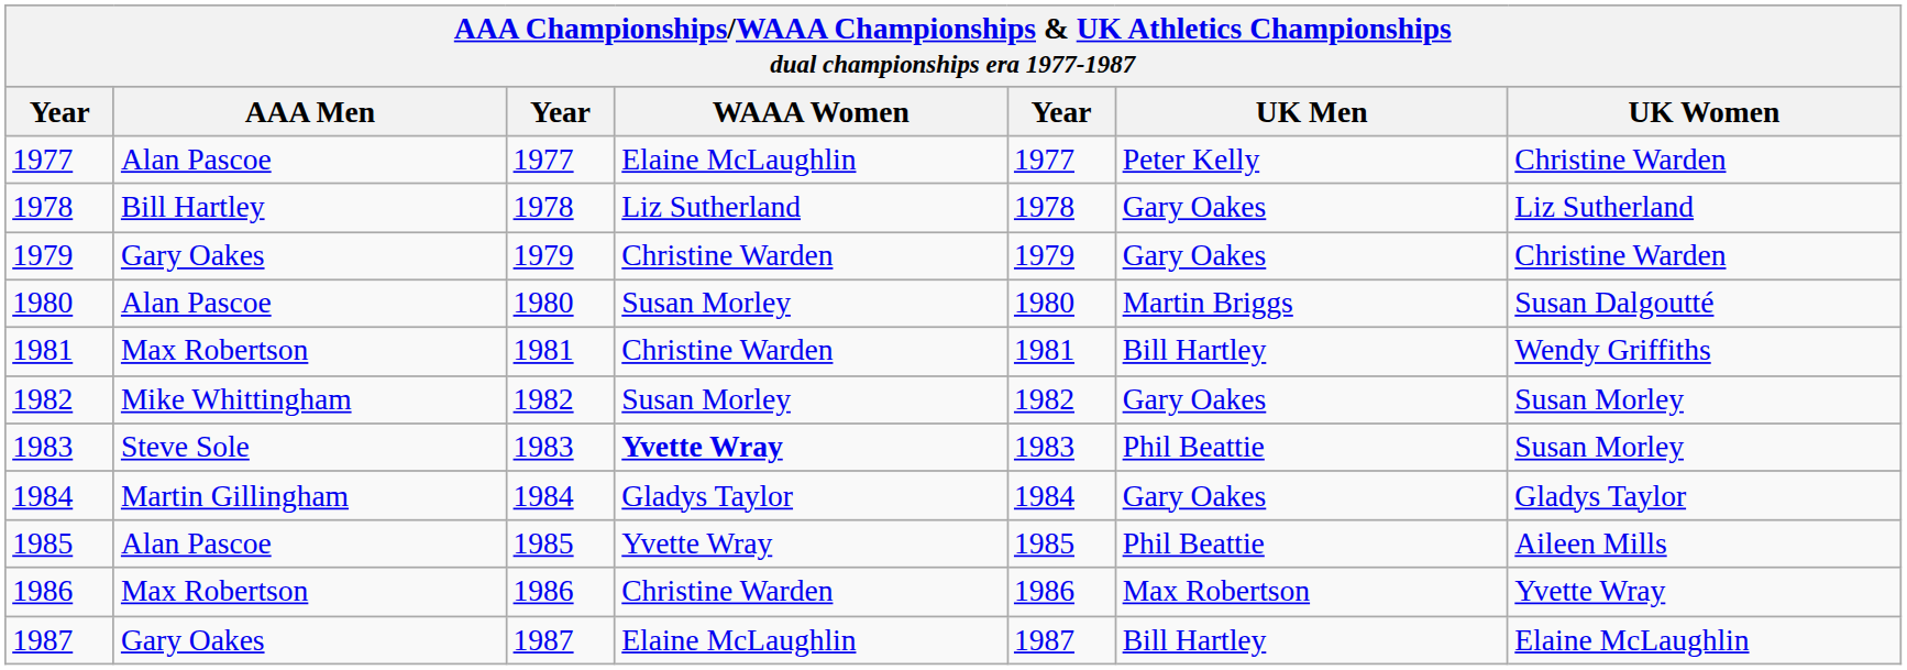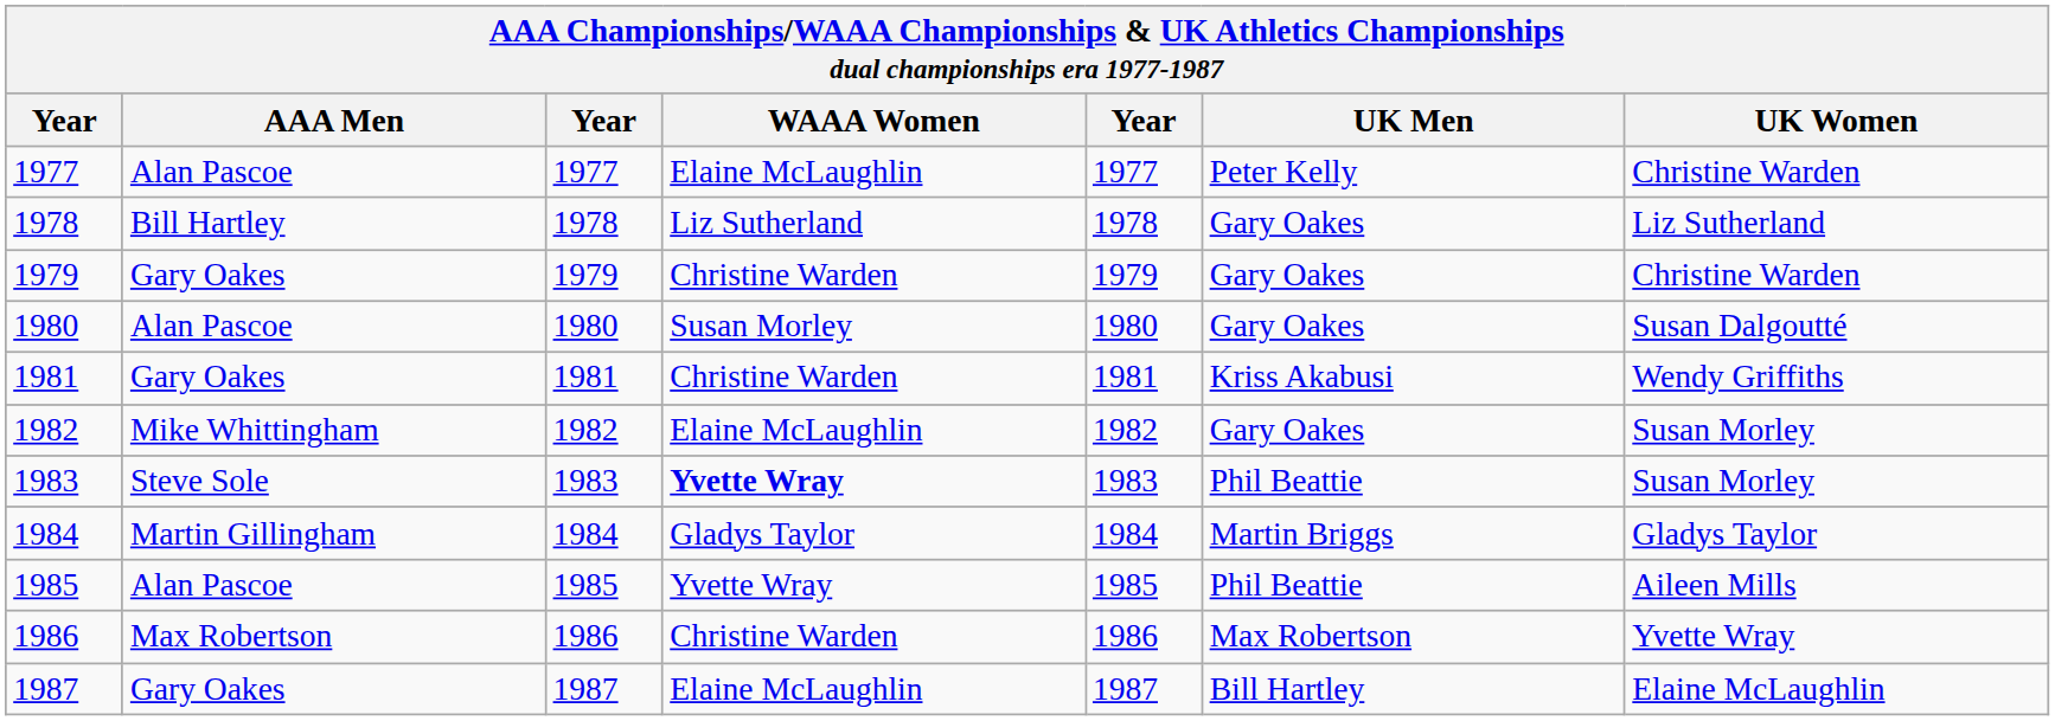 <table class="wikitable">
 <tr>
 <th colspan="7"><a href='#'>AAA Championships</a>/<a href='#'>WAAA Championships</a> & <a href='#'>UK Athletics Championships</a><br><em><small>dual championships era 1977-1987</small></em></th>
 </tr>
 <tr>
 <th width=50>Year</th>
 <th width=200>AAA Men</th>
 <th width=50>Year</th>
 <th width=200>WAAA Women</th>
 <th width=50>Year</th>
 <th width=200>UK Men</th>
 <th width=200>UK Women</th>
 </tr>
 <tr>
 <td><a href='#'>1977</a></td>
 <td><a href='#'>Alan Pascoe</a></td>
 <td><a href='#'>1977</a></td>
 <td><a href='#'>Elaine McLaughlin</a></td>
 <td><a href='#'>1977</a></td>
 <td><a href='#'>Peter Kelly</a></td>
 <td><a href='#'>Christine Warden</a></td>
 </tr>
 <tr>
 <td><a href='#'>1978</a></td>
 <td><a href='#'>Bill Hartley</a></td>
 <td><a href='#'>1978</a></td>
 <td><a href='#'>Liz Sutherland</a></td>
 <td><a href='#'>1978</a></td>
 <td><a href='#'>Gary Oakes</a></td>
 <td><a href='#'>Liz Sutherland</a></td>
 </tr>
 <tr>
 <td><a href='#'>1979</a></td>
 <td><a href='#'>Gary Oakes</a></td>
 <td><a href='#'>1979</a></td>
 <td><a href='#'>Christine Warden</a></td>
 <td><a href='#'>1979</a></td>
 <td><a href='#'>Gary Oakes</a></td>
 <td><a href='#'>Christine Warden</a></td>
 </tr>
 <tr>
 <td><a href='#'>1980</a></td>
 <td><a href='#'>Alan Pascoe</a></td>
 <td><a href='#'>1980</a></td>
 <td><a href='#'>Susan Morley</a></td>
 <td><a href='#'>1980</a></td>
-<td><a href='#'>Martin Briggs</a></td>
+<td><a href='#'>Gary Oakes</a></td>
 <td><a href='#'>Susan Dalgoutté</a></td>
 </tr>
 <tr>
 <td><a href='#'>1981</a></td>
-<td><a href='#'>Max Robertson</a></td>
+<td><a href='#'>Gary Oakes</a></td>
 <td><a href='#'>1981</a></td>
 <td><a href='#'>Christine Warden</a></td>
 <td><a href='#'>1981</a></td>
-<td><a href='#'>Bill Hartley</a></td>
+<td><a href='#'>Kriss Akabusi</a></td>
 <td><a href='#'>Wendy Griffiths</a></td>
 </tr>
 <tr>
 <td><a href='#'>1982</a></td>
 <td><a href='#'>Mike Whittingham</a></td>
 <td><a href='#'>1982</a></td>
-<td><a href='#'>Susan Morley</a></td>
+<td><a href='#'>Elaine McLaughlin</a></td>
 <td><a href='#'>1982</a></td>
 <td><a href='#'>Gary Oakes</a></td>
 <td><a href='#'>Susan Morley</a></td>
 </tr>
 <tr>
 <td><a href='#'>1983</a></td>
 <td><a href='#'>Steve Sole</a></td>
 <td><a href='#'>1983</a></td>
 <td><strong><a href='#'>Yvette Wray</a></strong></td>
 <td><a href='#'>1983</a></td>
 <td><a href='#'>Phil Beattie</a></td>
 <td><a href='#'>Susan Morley</a></td>
 </tr>
 <tr>
 <td><a href='#'>1984</a></td>
 <td><a href='#'>Martin Gillingham</a></td>
 <td><a href='#'>1984</a></td>
 <td><a href='#'>Gladys Taylor</a></td>
 <td><a href='#'>1984</a></td>
-<td><a href='#'>Gary Oakes</a></td>
+<td><a href='#'>Martin Briggs</a></td>
 <td><a href='#'>Gladys Taylor</a></td>
 </tr>
 <tr>
 <td><a href='#'>1985</a></td>
 <td><a href='#'>Alan Pascoe</a></td>
 <td><a href='#'>1985</a></td>
 <td><a href='#'>Yvette Wray</a></td>
 <td><a href='#'>1985</a></td>
 <td><a href='#'>Phil Beattie</a></td>
 <td><a href='#'>Aileen Mills</a></td>
 </tr>
 <tr>
 <td><a href='#'>1986</a></td>
 <td><a href='#'>Max Robertson</a></td>
 <td><a href='#'>1986</a></td>
 <td><a href='#'>Christine Warden</a></td>
 <td><a href='#'>1986</a></td>
 <td><a href='#'>Max Robertson</a></td>
 <td><a href='#'>Yvette Wray</a></td>
 </tr>
 <tr>
 <td><a href='#'>1987</a></td>
 <td><a href='#'>Gary Oakes</a></td>
 <td><a href='#'>1987</a></td>
 <td><a href='#'>Elaine McLaughlin</a></td>
 <td><a href='#'>1987</a></td>
 <td><a href='#'>Bill Hartley</a></td>
 <td><a href='#'>Elaine McLaughlin</a></td>
 </tr>
 </table>
